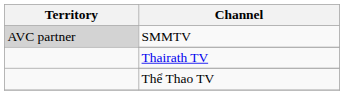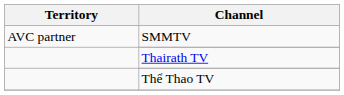 <table class="wikitable" style="width: 400px;">
 <tr>
 <th style="width: 40%;">Territory</th>
 <th style="width: 60%;">Channel</th>
 </tr>
 <tr>
-<td style="background: lightgrey;">AVC partner</td>
+<td>AVC partner</td>
 <td>SMMTV</td>
 </tr>
 <tr>
 <td rowspan=2></td>
 </tr>
 <tr>
 <td><a href='#'>Thairath TV</a></td>
 </tr>
 <tr>
 <td rowspan=2></td>
 </tr>
 <tr>
 <td>Thể Thao TV</td>
 </tr>
 <tr>
 </tr>
 </table>
